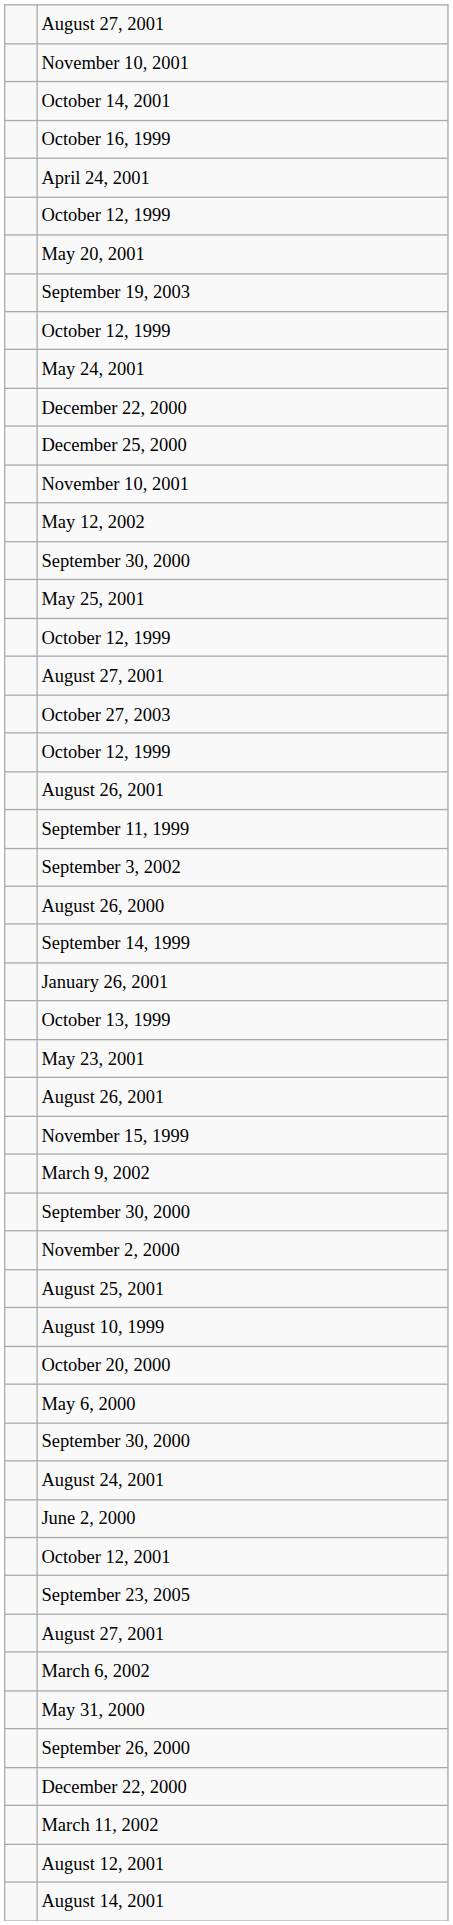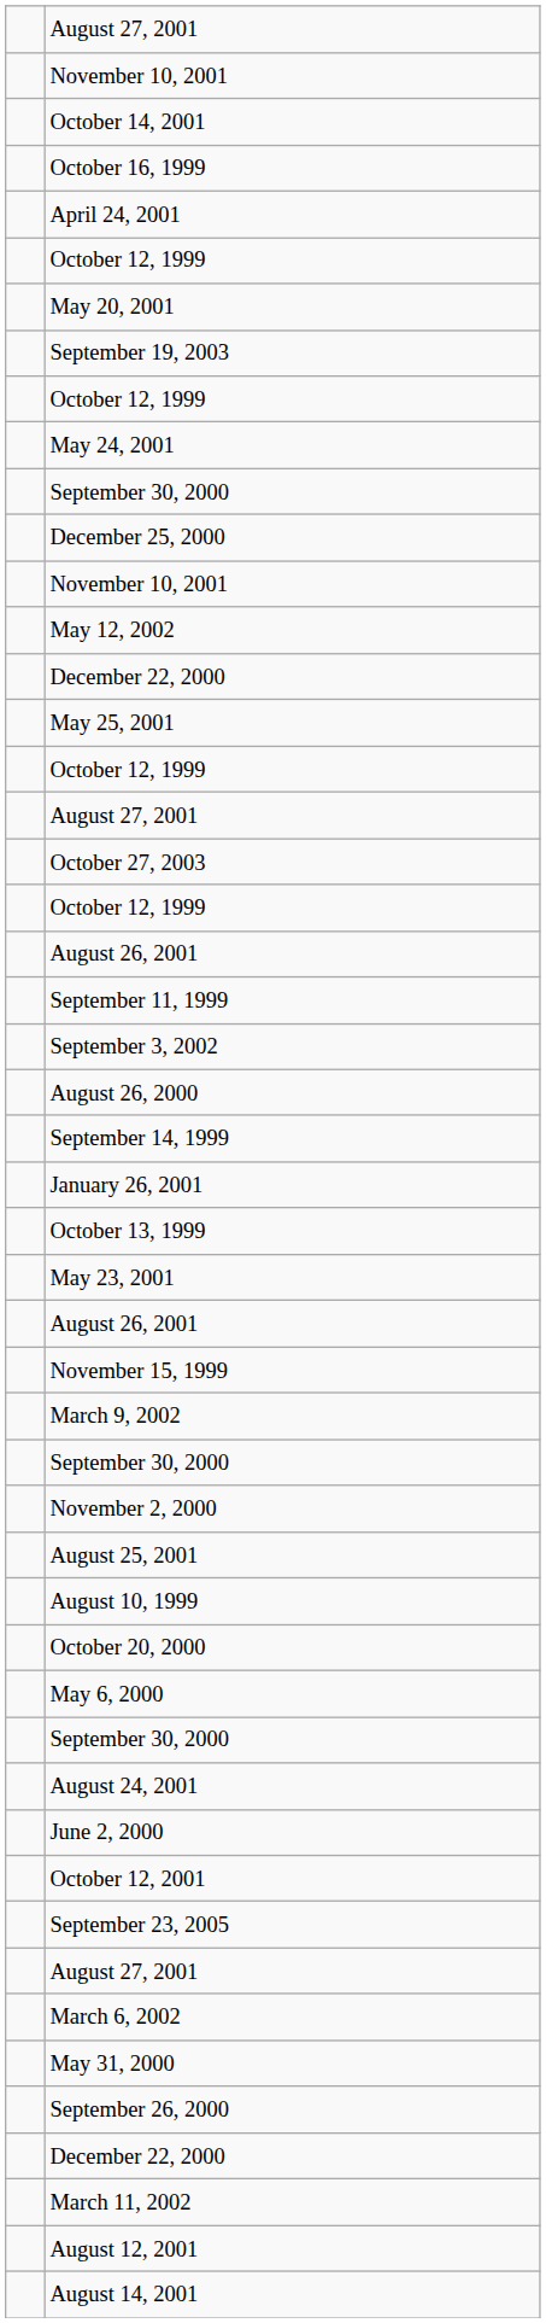 <table class="wikitable" style="font-size: 89%; float: left; width: 24em; margin-right: 1em; line-height: 1.6em !important; height: 1250px;">
 <tr>
 <td></td>
 <td>August 27, 2001</td>
 </tr>
 <tr>
 <td> </td>
 <td>November 10, 2001</td>
 </tr>
 <tr>
 <td> </td>
 <td>October 14, 2001</td>
 </tr>
 <tr>
 <td> </td>
 <td>October 16, 1999</td>
 </tr>
 <tr>
 <td> </td>
 <td>April 24, 2001</td>
 </tr>
 <tr>
 <td> </td>
 <td>October 12, 1999</td>
 </tr>
 <tr>
 <td> </td>
 <td>May 20, 2001</td>
 </tr>
 <tr>
 <td></td>
 <td>September 19, 2003</td>
 </tr>
 <tr>
 <td> </td>
 <td>October 12, 1999</td>
 </tr>
 <tr>
 <td> </td>
 <td>May 24, 2001</td>
 </tr>
 <tr>
 <td> </td>
-<td>December 22, 2000</td>
+<td>September 30, 2000</td>
 </tr>
 <tr>
 <td></td>
 <td>December 25, 2000</td>
 </tr>
 <tr>
 <td> </td>
 <td>November 10, 2001</td>
 </tr>
 <tr>
 <td></td>
 <td>May 12, 2002</td>
 </tr>
 <tr>
 <td> </td>
-<td>September 30, 2000</td>
+<td>December 22, 2000</td>
 </tr>
 <tr>
 <td> </td>
 <td>May 25, 2001</td>
 </tr>
 <tr>
 <td> </td>
 <td>October 12, 1999</td>
 </tr>
 <tr>
 <td></td>
 <td>August 27, 2001</td>
 </tr>
 <tr>
 <td></td>
 <td>October 27, 2003</td>
 </tr>
 <tr>
 <td> </td>
 <td>October 12, 1999</td>
 </tr>
 <tr>
 <td> </td>
 <td>August 26, 2001</td>
 </tr>
 <tr>
 <td> </td>
 <td>September 11, 1999</td>
 </tr>
 <tr>
 <td></td>
 <td>September 3, 2002</td>
 </tr>
 <tr>
 <td> </td>
 <td>August 26, 2000</td>
 </tr>
 <tr>
 <td> </td>
 <td>September 14, 1999</td>
 </tr>
 <tr>
 <td> </td>
 <td>January 26, 2001</td>
 </tr>
 <tr>
 <td> </td>
 <td>October 13, 1999</td>
 </tr>
 <tr>
 <td> </td>
 <td>May 23, 2001</td>
 </tr>
 <tr>
 <td></td>
 <td>August 26, 2001</td>
 </tr>
 <tr>
 <td> </td>
 <td>November 15, 1999</td>
 </tr>
 <tr>
 <td></td>
 <td>March 9, 2002</td>
 </tr>
 <tr>
 <td> </td>
 <td>September 30, 2000</td>
 </tr>
 <tr>
 <td> </td>
 <td>November 2, 2000</td>
 </tr>
 <tr>
 <td> </td>
 <td>August 25, 2001</td>
 </tr>
 <tr>
 <td> </td>
 <td>August 10, 1999</td>
 </tr>
 <tr>
 <td></td>
 <td>October 20, 2000</td>
 </tr>
 <tr>
 <td> </td>
 <td>May 6, 2000</td>
 </tr>
 <tr>
 <td></td>
 <td>September 30, 2000</td>
 </tr>
 <tr>
 <td></td>
 <td>August 24, 2001</td>
 </tr>
 <tr>
 <td> </td>
 <td>June 2, 2000</td>
 </tr>
 <tr>
 <td> </td>
 <td>October 12, 2001</td>
 </tr>
 <tr>
 <td></td>
 <td>September 23, 2005</td>
 </tr>
 <tr>
 <td></td>
 <td>August 27, 2001</td>
 </tr>
 <tr>
 <td></td>
 <td>March 6, 2002</td>
 </tr>
 <tr>
 <td> </td>
 <td>May 31, 2000</td>
 </tr>
 <tr>
 <td></td>
 <td>September 26, 2000</td>
 </tr>
 <tr>
 <td></td>
 <td>December 22, 2000</td>
 </tr>
 <tr>
 <td></td>
 <td>March 11, 2002</td>
 </tr>
 <tr>
 <td> </td>
 <td>August 12, 2001</td>
 </tr>
 <tr>
 <td></td>
 <td>August 14, 2001</td>
 </tr>
 </table>
